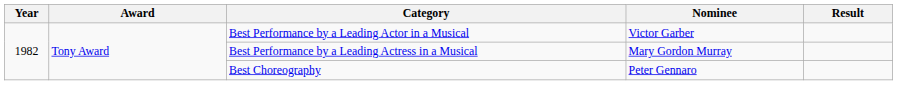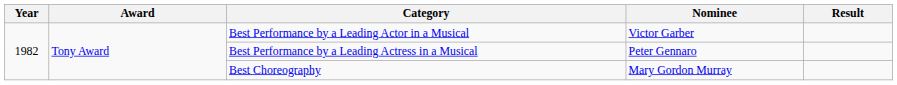 <table class="wikitable" width="95%">
 <tr>
 <th width="5%">Year</th>
 <th width="20%">Award</th>
 <th width="45%">Category</th>
 <th width="20%">Nominee</th>
 <th width="10%">Result</th>
 </tr>
 <tr>
 <td rowspan="3" align="center">1982</td>
 <td rowspan="3"><a href='#'>Tony Award</a></td>
 <td><a href='#'>Best Performance by a Leading Actor in a Musical</a></td>
 <td><a href='#'>Victor Garber</a></td>
 <td></td>
 </tr>
 <tr>
 <td><a href='#'>Best Performance by a Leading Actress in a Musical</a></td>
-<td><a href='#'>Mary Gordon Murray</a></td>
+<td><a href='#'>Peter Gennaro</a></td>
 <td></td>
 </tr>
 <tr>
 <td><a href='#'>Best Choreography</a></td>
-<td><a href='#'>Peter Gennaro</a></td>
+<td><a href='#'>Mary Gordon Murray</a></td>
 <td></td>
 </tr>
 </table>
